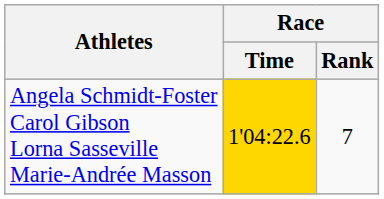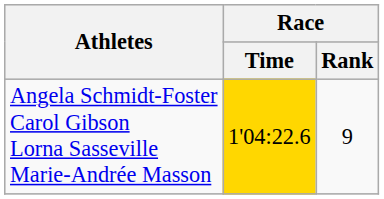 <table class="wikitable" border="1" style="font-size:90%">
 <tr>
 <th rowspan=2>Athletes</th>
 <th colspan=2>Race</th>
 </tr>
 <tr>
 <th>Time</th>
 <th>Rank</th>
 </tr>
 <tr>
 <td><a href='#'>Angela Schmidt-Foster</a><br><a href='#'>Carol Gibson</a><br><a href='#'>Lorna Sasseville</a><br><a href='#'>Marie-Andrée Masson</a></td>
 <td align=center style="background: gold;">1'04:22.6</td>
-<td align=center>7</td>
+<td align=center>9</td>
 </tr>
 </table>
